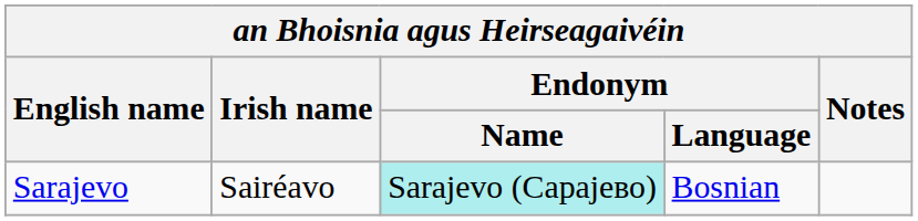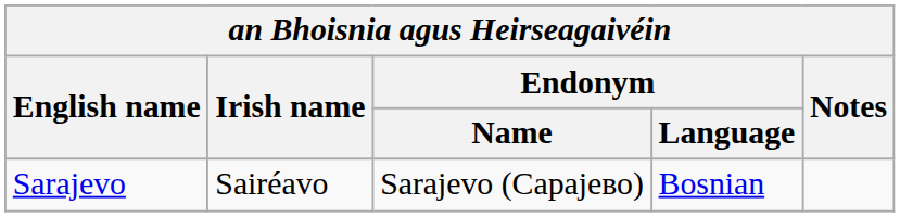 <table class="wikitable sortable">
 <tr>
 <th colspan="5"> <em>an Bhoisnia agus Heirseagaivéin</em></th>
 </tr>
 <tr>
 <th rowspan="2">English name</th>
 <th rowspan="2">Irish name</th>
 <th colspan="2">Endonym</th>
 <th rowspan="2">Notes</th>
 </tr>
 <tr>
 <th>Name</th>
 <th>Language</th>
 </tr>
 <tr>
 <td><a href='#'>Sarajevo</a></td>
 <td>Sairéavo</td>
-<td style="background: paleturquoise;">Sarajevo (Сарајево)</td>
+<td>Sarajevo (Сарајево)</td>
 <td><a href='#'>Bosnian</a></td>
 <td></td>
 </tr>
 </table>
